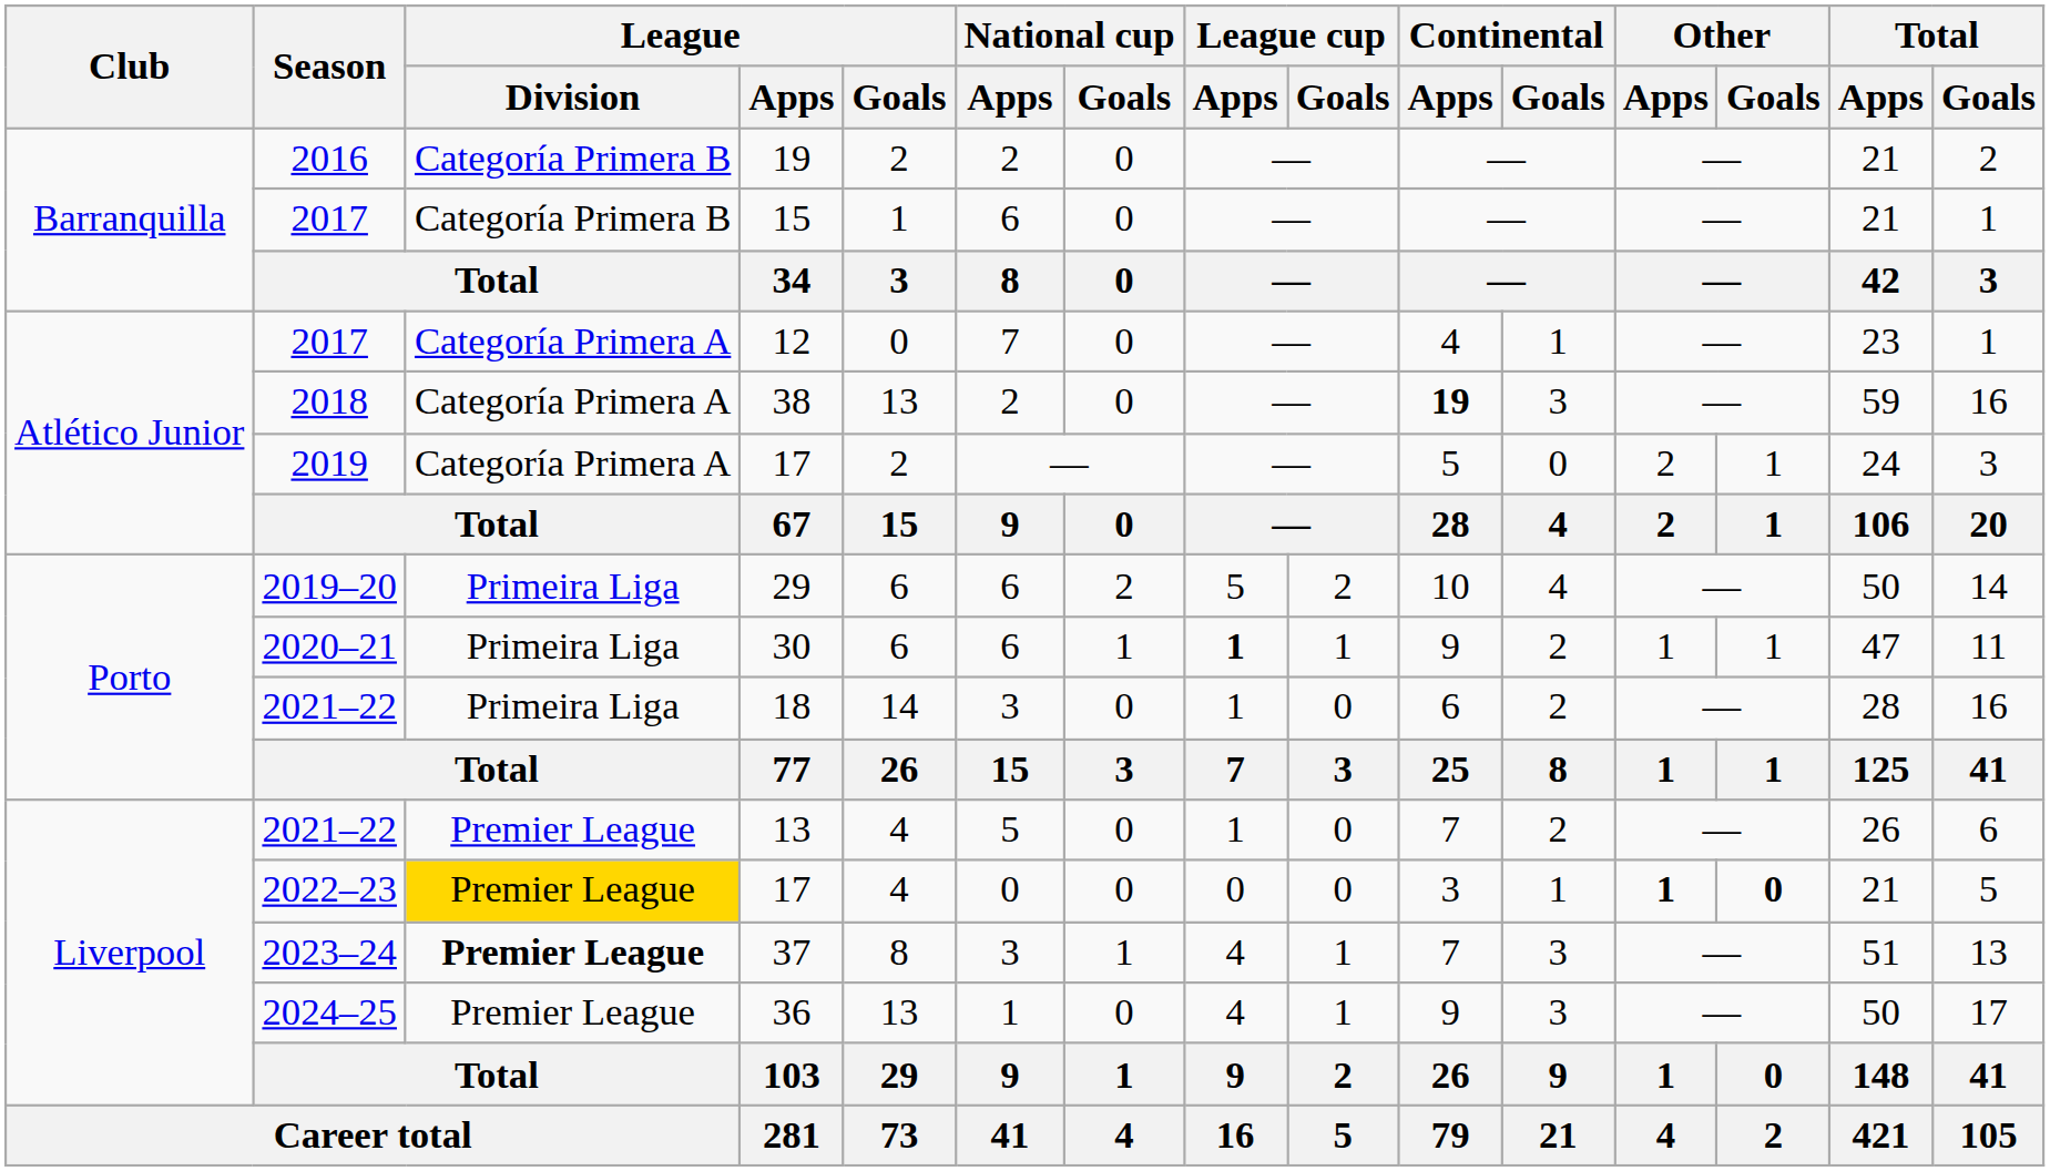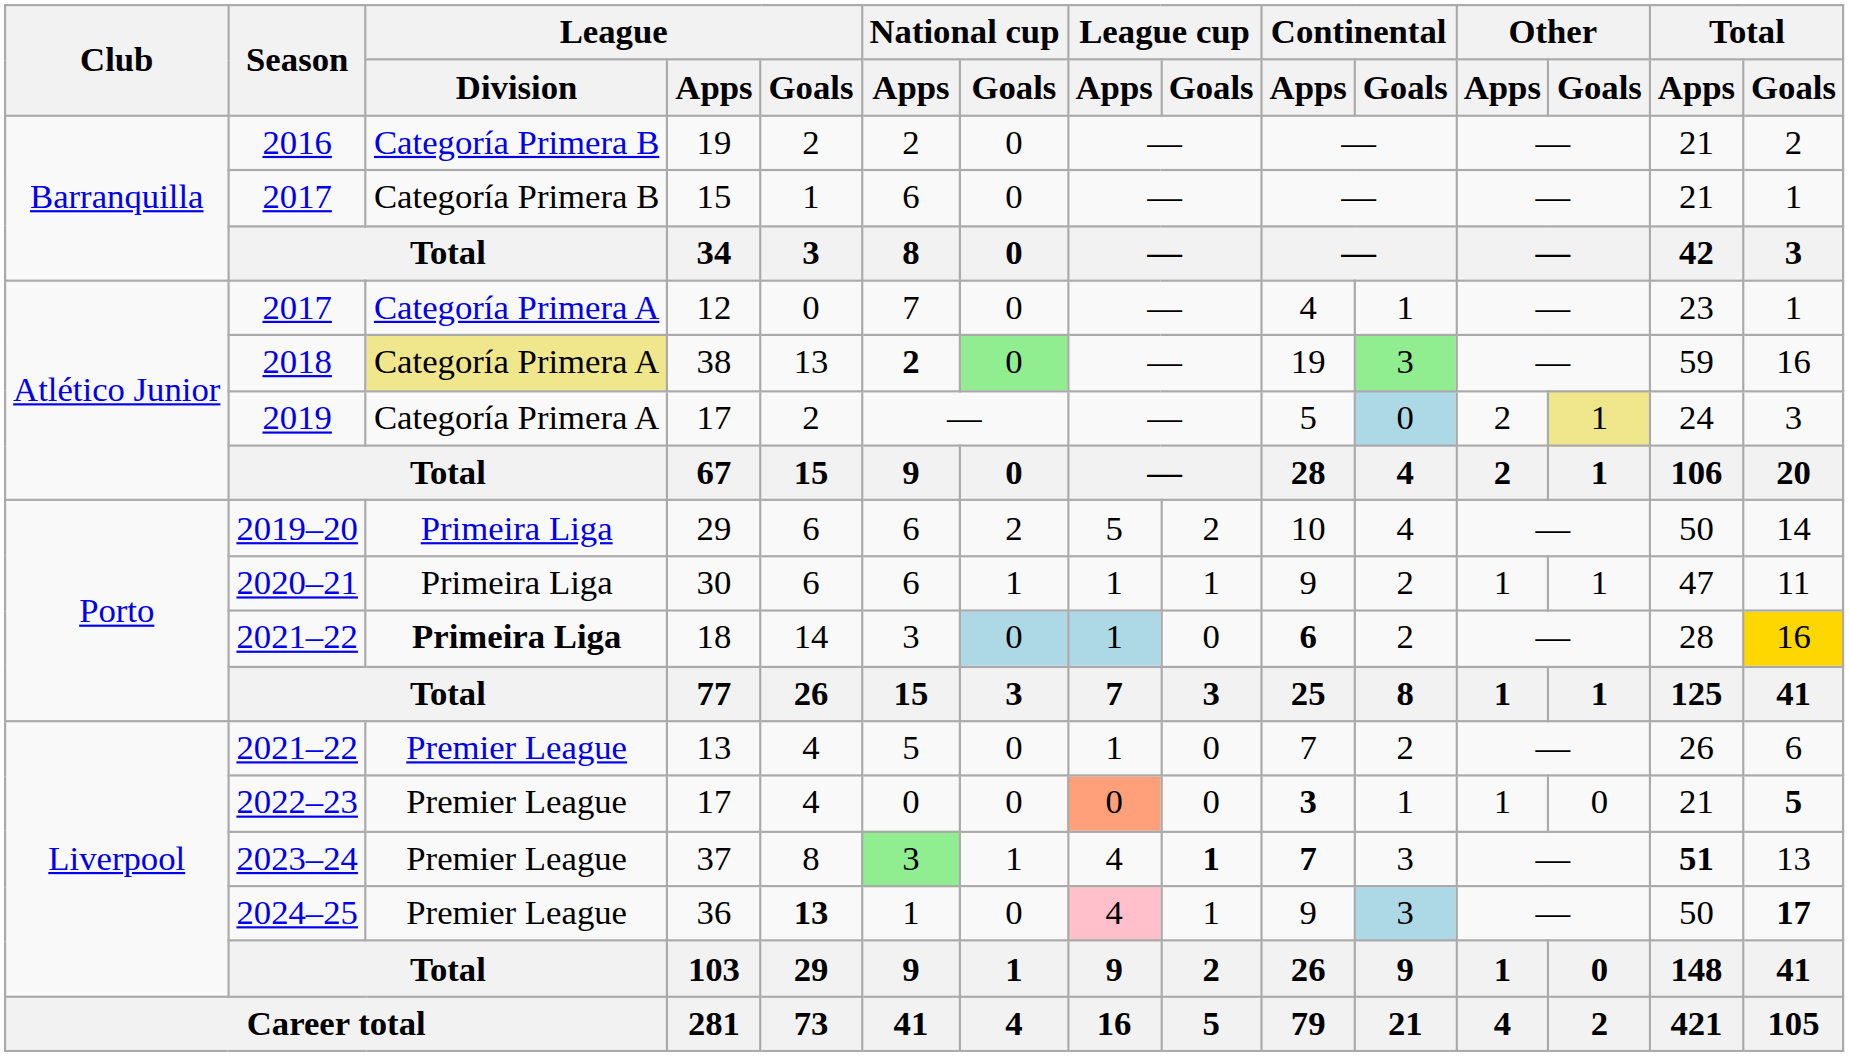 <table class="wikitable" style="text-align: center;">
 <tr>
 <th rowspan="2">Club</th>
 <th rowspan="2">Season</th>
 <th colspan="3">League</th>
 <th colspan="2">National cup</th>
 <th colspan="2">League cup</th>
 <th colspan="2">Continental</th>
 <th colspan="2">Other</th>
 <th colspan="2">Total</th>
 </tr>
 <tr>
 <th>Division</th>
 <th>Apps</th>
 <th>Goals</th>
 <th>Apps</th>
 <th>Goals</th>
 <th>Apps</th>
 <th>Goals</th>
 <th>Apps</th>
 <th>Goals</th>
 <th>Apps</th>
 <th>Goals</th>
 <th>Apps</th>
 <th>Goals</th>
 </tr>
 <tr>
 <td rowspan="3"><a href='#'>Barranquilla</a></td>
 <td><a href='#'>2016</a></td>
 <td><a href='#'>Categoría Primera B</a></td>
 <td>19</td>
 <td>2</td>
 <td>2</td>
 <td>0</td>
 <td colspan="2">—</td>
 <td colspan="2">—</td>
 <td colspan="2">—</td>
 <td>21</td>
 <td>2</td>
 </tr>
 <tr>
 <td><a href='#'>2017</a></td>
 <td>Categoría Primera B</td>
 <td>15</td>
 <td>1</td>
 <td>6</td>
 <td>0</td>
 <td colspan="2">—</td>
 <td colspan="2">—</td>
 <td colspan="2">—</td>
 <td>21</td>
 <td>1</td>
 </tr>
 <tr>
 <th colspan="2">Total</th>
 <th>34</th>
 <th>3</th>
 <th>8</th>
 <th>0</th>
 <th colspan="2">—</th>
 <th colspan="2">—</th>
 <th colspan="2">—</th>
 <th>42</th>
 <th>3</th>
 </tr>
 <tr>
 <td rowspan="4"><a href='#'>Atlético Junior</a></td>
 <td><a href='#'>2017</a></td>
 <td><a href='#'>Categoría Primera A</a></td>
 <td>12</td>
 <td>0</td>
 <td>7</td>
 <td>0</td>
 <td colspan="2">—</td>
 <td>4</td>
 <td>1</td>
 <td colspan="2">—</td>
 <td>23</td>
 <td>1</td>
 </tr>
 <tr>
 <td><a href='#'>2018</a></td>
-<td>Categoría Primera A</td>
+<td style="background: khaki;">Categoría Primera A</td>
 <td>38</td>
 <td>13</td>
-<td>2</td>
-<td>0</td>
+<td><strong>2</strong></td>
+<td style="background: lightgreen;">0</td>
 <td colspan="2">—</td>
-<td><strong>19</strong></td>
-<td>3</td>
+<td>19</td>
+<td style="background: lightgreen;">3</td>
 <td colspan="2">—</td>
 <td>59</td>
 <td>16</td>
 </tr>
 <tr>
 <td><a href='#'>2019</a></td>
 <td>Categoría Primera A</td>
 <td>17</td>
 <td>2</td>
 <td colspan="2">—</td>
 <td colspan="2">—</td>
 <td>5</td>
-<td>0</td>
+<td style="background: lightblue;">0</td>
 <td>2</td>
-<td>1</td>
+<td style="background: khaki;">1</td>
 <td>24</td>
 <td>3</td>
 </tr>
 <tr>
 <th colspan="2">Total</th>
 <th>67</th>
 <th>15</th>
 <th>9</th>
 <th>0</th>
 <th colspan="2">—</th>
 <th>28</th>
 <th>4</th>
 <th>2</th>
 <th>1</th>
 <th>106</th>
 <th>20</th>
 </tr>
 <tr>
 <td rowspan="4"><a href='#'>Porto</a></td>
 <td><a href='#'>2019–20</a></td>
 <td><a href='#'>Primeira Liga</a></td>
 <td>29</td>
 <td>6</td>
 <td>6</td>
 <td>2</td>
 <td>5</td>
 <td>2</td>
 <td>10</td>
 <td>4</td>
 <td colspan="2">—</td>
 <td>50</td>
 <td>14</td>
 </tr>
 <tr>
 <td><a href='#'>2020–21</a></td>
 <td>Primeira Liga</td>
 <td>30</td>
 <td>6</td>
 <td>6</td>
 <td>1</td>
-<td><strong>1</strong></td>
+<td>1</td>
 <td>1</td>
 <td>9</td>
 <td>2</td>
 <td>1</td>
 <td>1</td>
 <td>47</td>
 <td>11</td>
 </tr>
 <tr>
 <td><a href='#'>2021–22</a></td>
-<td>Primeira Liga</td>
+<td><strong>Primeira Liga</strong></td>
 <td>18</td>
 <td>14</td>
 <td>3</td>
+<td style="background: lightblue;">0</td>
+<td style="background: lightblue;">1</td>
 <td>0</td>
-<td>1</td>
-<td>0</td>
-<td>6</td>
+<td><strong>6</strong></td>
 <td>2</td>
 <td colspan="2">—</td>
 <td>28</td>
-<td>16</td>
+<td style="background: gold;">16</td>
 </tr>
 <tr>
 <th colspan="2">Total</th>
 <th>77</th>
 <th>26</th>
 <th>15</th>
 <th>3</th>
 <th>7</th>
 <th>3</th>
 <th>25</th>
 <th>8</th>
 <th>1</th>
 <th>1</th>
 <th>125</th>
 <th>41</th>
 </tr>
 <tr>
 <td rowspan="5"><a href='#'>Liverpool</a></td>
 <td><a href='#'>2021–22</a></td>
 <td><a href='#'>Premier League</a></td>
 <td>13</td>
 <td>4</td>
 <td>5</td>
 <td>0</td>
 <td>1</td>
 <td>0</td>
 <td>7</td>
 <td>2</td>
 <td colspan="2">—</td>
 <td>26</td>
 <td>6</td>
 </tr>
 <tr>
 <td><a href='#'>2022–23</a></td>
-<td style="background: gold;">Premier League</td>
+<td>Premier League</td>
 <td>17</td>
 <td>4</td>
 <td>0</td>
 <td>0</td>
+<td style="background: lightsalmon;">0</td>
 <td>0</td>
+<td><strong>3</strong></td>
+<td>1</td>
+<td>1</td>
 <td>0</td>
-<td>3</td>
-<td>1</td>
-<td><strong>1</strong></td>
-<td><strong>0</strong></td>
 <td>21</td>
-<td>5</td>
+<td><strong>5</strong></td>
 </tr>
 <tr>
 <td><a href='#'>2023–24</a></td>
-<td><strong>Premier League</strong></td>
+<td>Premier League</td>
 <td>37</td>
 <td>8</td>
-<td>3</td>
+<td style="background: lightgreen;">3</td>
 <td>1</td>
 <td>4</td>
-<td>1</td>
-<td>7</td>
+<td><strong>1</strong></td>
+<td><strong>7</strong></td>
 <td>3</td>
 <td colspan="2">—</td>
-<td>51</td>
+<td><strong>51</strong></td>
 <td>13</td>
 </tr>
 <tr>
 <td><a href='#'>2024–25</a></td>
 <td>Premier League</td>
 <td>36</td>
-<td>13</td>
+<td><strong>13</strong></td>
 <td>1</td>
 <td>0</td>
-<td>4</td>
+<td style="background: pink;">4</td>
 <td>1</td>
 <td>9</td>
-<td>3</td>
+<td style="background: lightblue;">3</td>
 <td colspan="2">—</td>
 <td>50</td>
-<td>17</td>
+<td><strong>17</strong></td>
 </tr>
 <tr>
 <th colspan="2">Total</th>
 <th>103</th>
 <th>29</th>
 <th>9</th>
 <th>1</th>
 <th>9</th>
 <th>2</th>
 <th>26</th>
 <th>9</th>
 <th>1</th>
 <th>0</th>
 <th>148</th>
 <th>41</th>
 </tr>
 <tr>
 <th colspan="3">Career total</th>
 <th>281</th>
 <th>73</th>
 <th>41</th>
 <th>4</th>
 <th>16</th>
 <th>5</th>
 <th>79</th>
 <th>21</th>
 <th>4</th>
 <th>2</th>
 <th>421</th>
 <th>105</th>
 </tr>
 </table>
